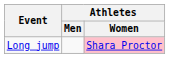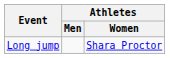 <table class=wikitable style="font-size:90%">
 <tr>
 <th rowspan=2>Event</th>
 <th colspan=2>Athletes</th>
 </tr>
 <tr>
 <th>Men</th>
 <th>Women</th>
 </tr>
 <tr>
 <td><a href='#'>Long jump</a></td>
 <td></td>
-<td style="background: pink;"><a href='#'>Shara Proctor</a></td>
+<td><a href='#'>Shara Proctor</a></td>
 </tr>
 </table>
